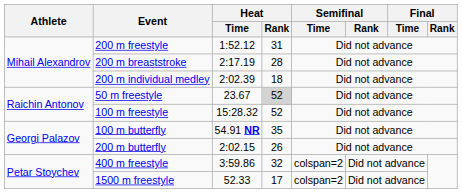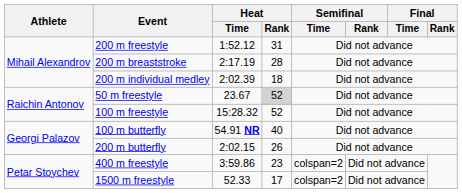 <table class=wikitable style="font-size:90%">
 <tr>
 <th rowspan="2">Athlete</th>
 <th rowspan="2">Event</th>
 <th colspan="2">Heat</th>
 <th colspan="2">Semifinal</th>
 <th colspan="2">Final</th>
 </tr>
 <tr style="font-size:95%">
 <th>Time</th>
 <th>Rank</th>
 <th>Time</th>
 <th>Rank</th>
 <th>Time</th>
 <th>Rank</th>
 </tr>
 <tr align=center>
 <td align=left rowspan=3><a href='#'>Mihail Alexandrov</a></td>
 <td align=left><a href='#'>200 m freestyle</a></td>
 <td>1:52.12</td>
 <td>31</td>
 <td colspan=4>Did not advance</td>
 </tr>
 <tr align=center>
 <td align=left><a href='#'>200 m breaststroke</a></td>
 <td>2:17.19</td>
 <td>28</td>
 <td colspan=4>Did not advance</td>
 </tr>
 <tr align=center>
 <td align=left><a href='#'>200 m individual medley</a></td>
 <td>2:02.39</td>
 <td>18</td>
 <td colspan=4>Did not advance</td>
 </tr>
 <tr align=center>
 <td align=left rowspan=2><a href='#'>Raichin Antonov</a></td>
 <td align=left><a href='#'>50 m freestyle</a></td>
 <td>23.67</td>
 <td style="background: lightgrey;">52</td>
 <td colspan=4>Did not advance</td>
 </tr>
 <tr align=center>
 <td align=left><a href='#'>100 m freestyle</a></td>
 <td>15:28.32</td>
 <td>52</td>
 <td colspan=4>Did not advance</td>
 </tr>
 <tr align=center>
 <td align=left rowspan=2><a href='#'>Georgi Palazov</a></td>
 <td align=left><a href='#'>100 m butterfly</a></td>
 <td>54.91 <strong><a href='#'>NR</a></strong></td>
-<td>35</td>
+<td>40</td>
 <td colspan=4>Did not advance</td>
 </tr>
 <tr align=center>
 <td align=left><a href='#'>200 m butterfly</a></td>
 <td>2:02.15</td>
 <td>26</td>
 <td colspan=4>Did not advance</td>
 </tr>
 <tr align=center>
 <td align=left rowspan=2><a href='#'>Petar Stoychev</a></td>
 <td align=left><a href='#'>400 m freestyle</a></td>
 <td>3:59.86</td>
-<td>32</td>
+<td>23</td>
 <td>colspan=2 </td>
 <td colspan=2>Did not advance</td>
 </tr>
 <tr align=center>
 <td align=left><a href='#'>1500 m freestyle</a></td>
 <td>52.33</td>
 <td>17</td>
 <td>colspan=2 </td>
 <td colspan=2>Did not advance</td>
 </tr>
 </table>
